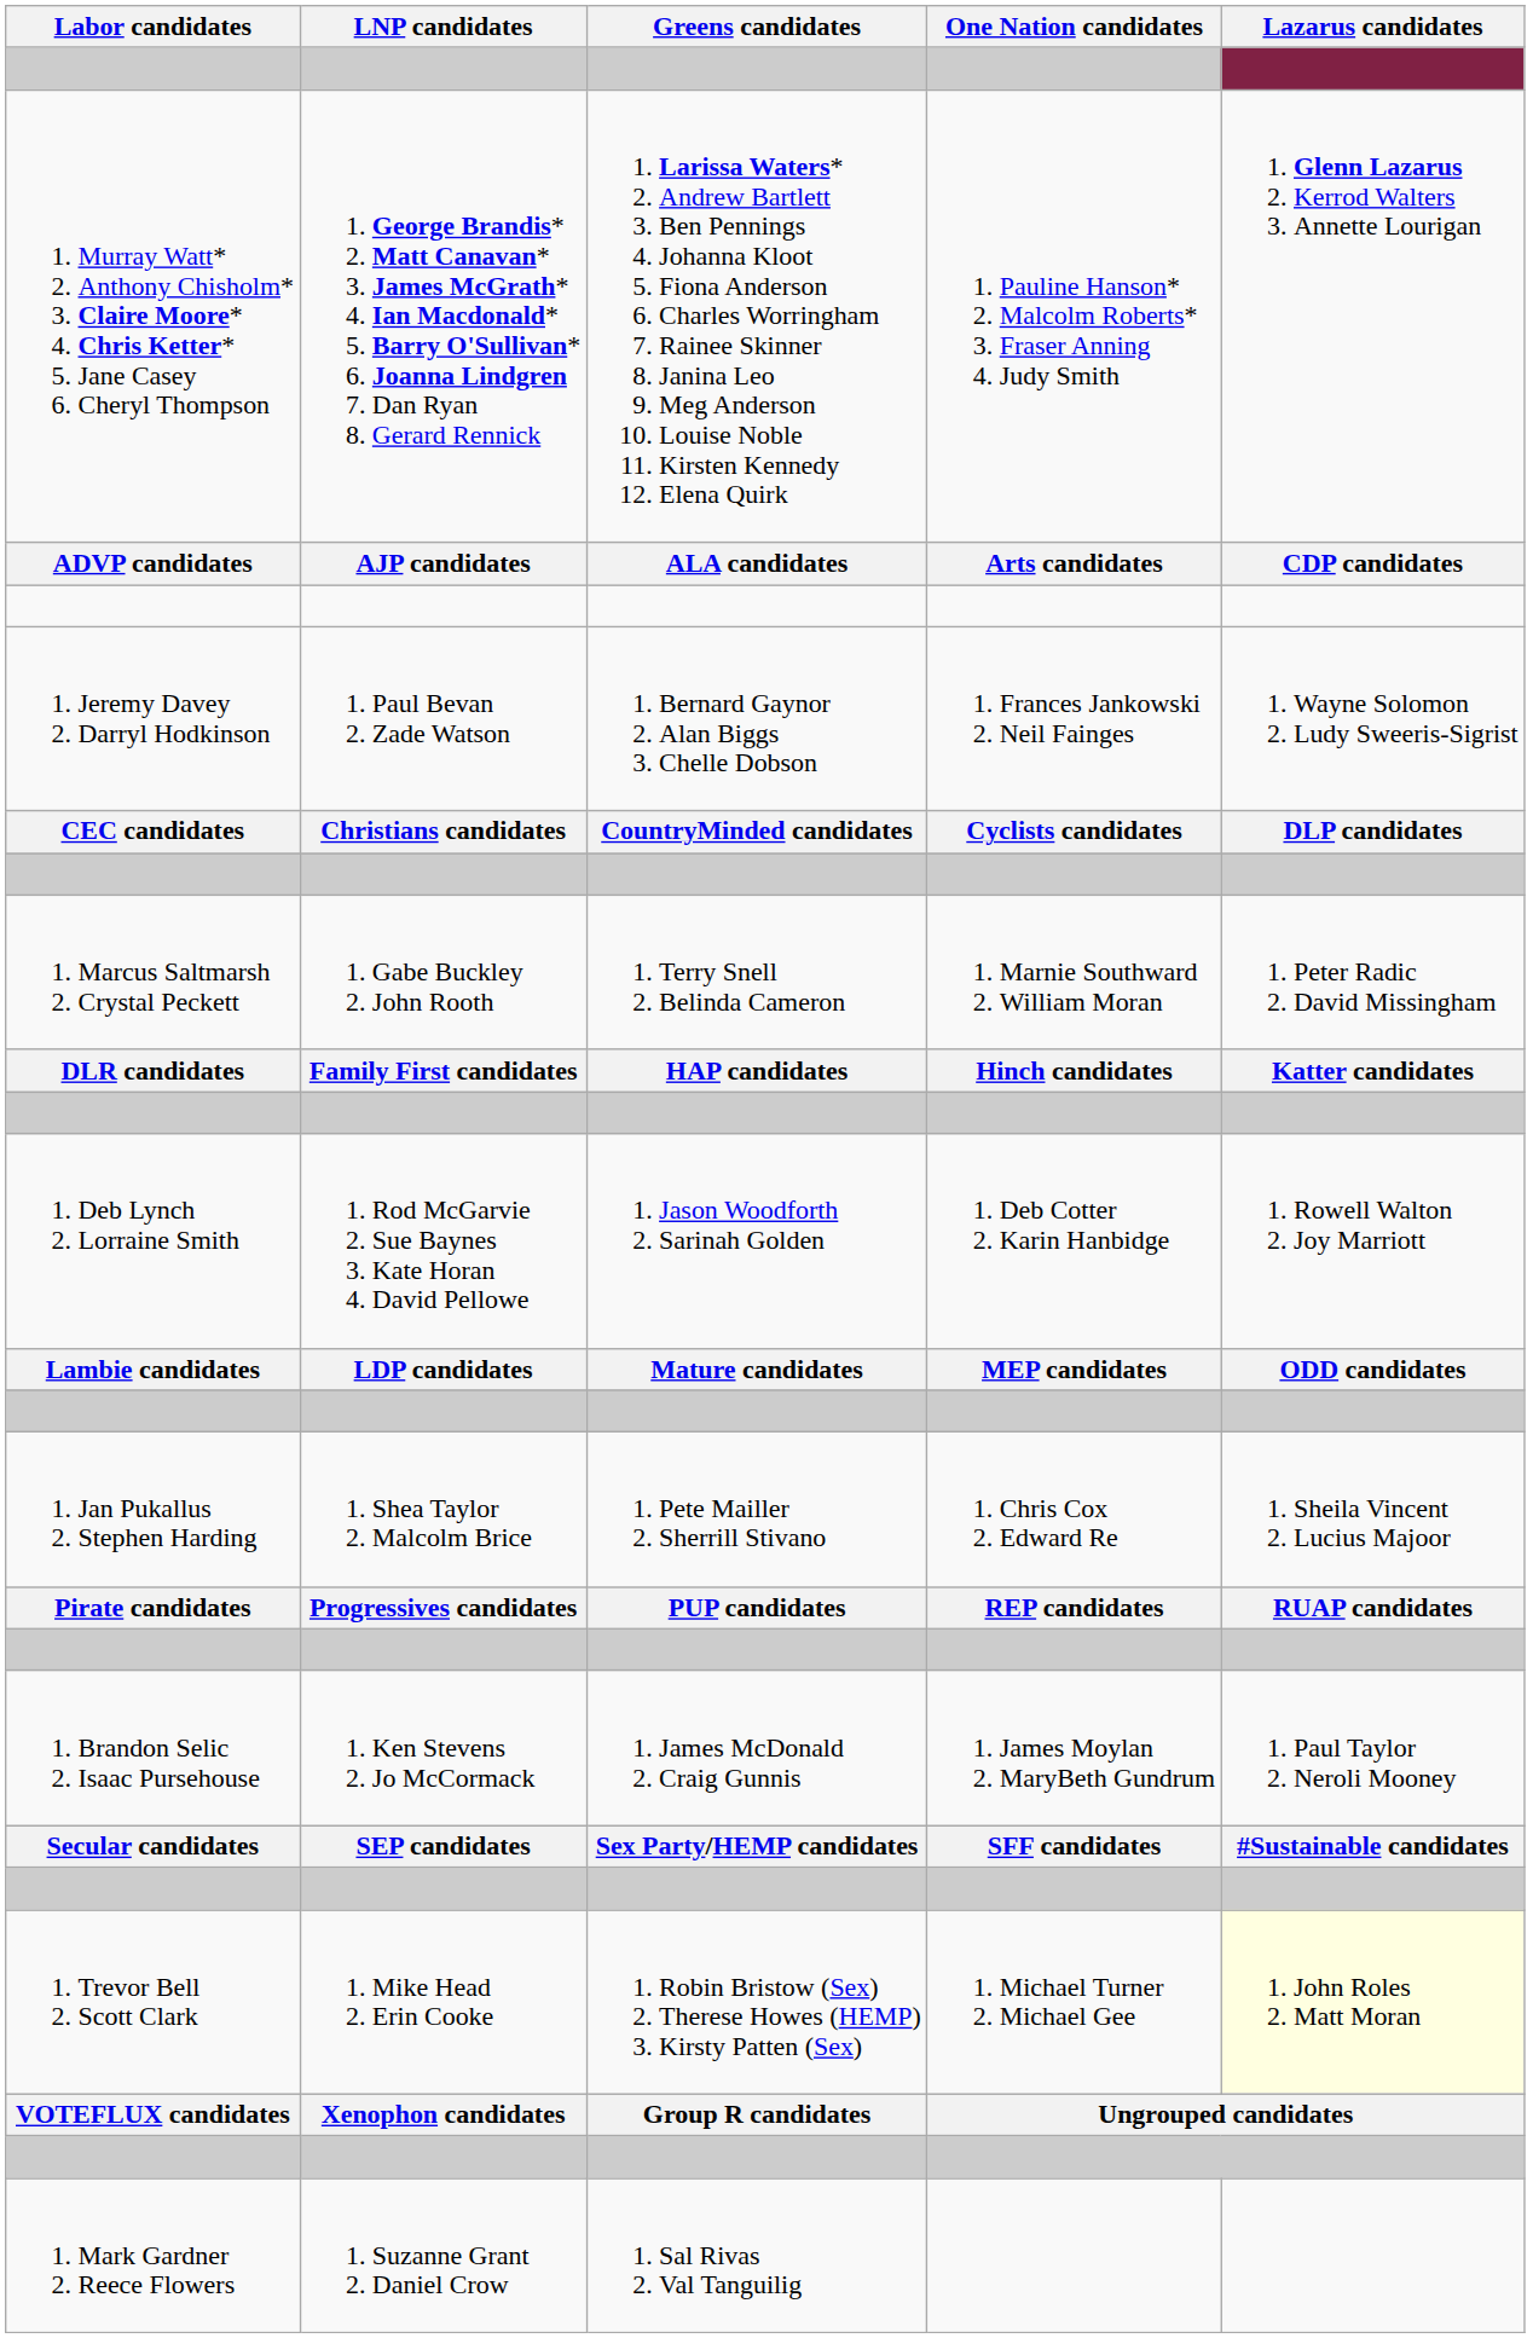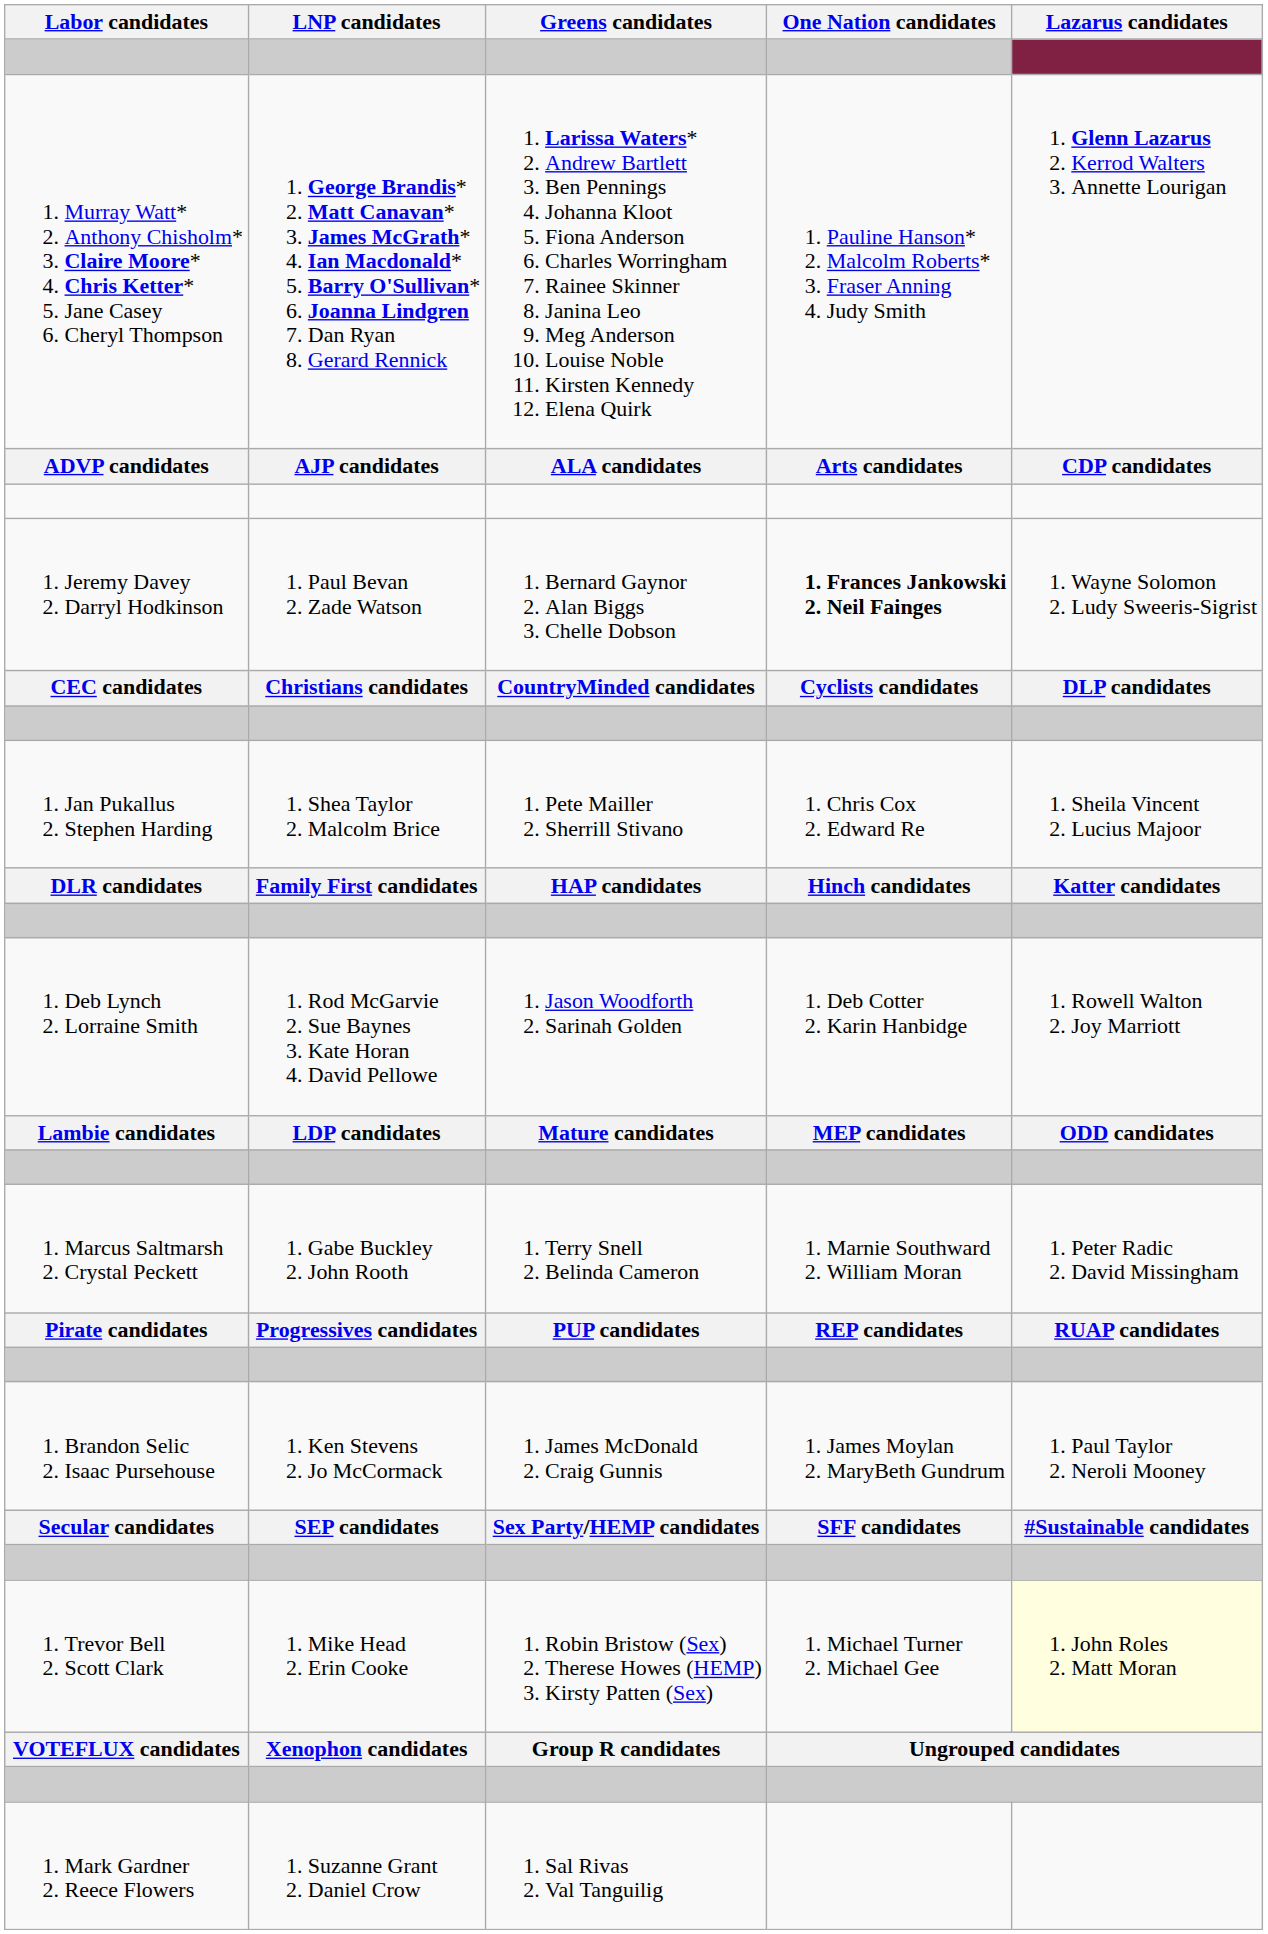 <table class="wikitable">
 <tr>
 <th><a href='#'>Labor</a> candidates</th>
 <th><a href='#'>LNP</a> candidates</th>
 <th><a href='#'>Greens</a> candidates</th>
 <th><a href='#'>One Nation</a> candidates</th>
 <th><a href='#'>Lazarus</a> candidates</th>
 </tr>
 <tr style="background:#ccc;">
 <td> </td>
 <td> </td>
 <td> </td>
 <td> </td>
 <td bgcolor="#802144"> </td>
 </tr>
 <tr>
 <td><br><ol><li><a href='#'>Murray Watt</a>*</li><li><a href='#'>Anthony Chisholm</a>*</li><li><strong><a href='#'>Claire Moore</a></strong>*</li><li><strong><a href='#'>Chris Ketter</a></strong>*</li><li>Jane Casey</li><li>Cheryl Thompson</li></ol></td>
 <td><br><ol><li><strong><a href='#'>George Brandis</a></strong>*</li><li><strong><a href='#'>Matt Canavan</a></strong>*</li><li><strong><a href='#'>James McGrath</a></strong>*</li><li><strong><a href='#'>Ian Macdonald</a></strong>*</li><li><strong><a href='#'>Barry O'Sullivan</a></strong>*</li><li><strong><a href='#'>Joanna Lindgren</a></strong></li><li>Dan Ryan</li><li><a href='#'>Gerard Rennick</a></li></ol></td>
 <td><br><ol><li><strong><a href='#'>Larissa Waters</a></strong>*</li><li><a href='#'>Andrew Bartlett</a></li><li>Ben Pennings</li><li>Johanna Kloot</li><li>Fiona Anderson</li><li>Charles Worringham</li><li>Rainee Skinner</li><li>Janina Leo</li><li>Meg Anderson</li><li>Louise Noble</li><li>Kirsten Kennedy</li><li>Elena Quirk</li></ol></td>
 <td><br><ol><li><a href='#'>Pauline Hanson</a>*</li><li><a href='#'>Malcolm Roberts</a>*</li><li><a href='#'>Fraser Anning</a></li><li>Judy Smith</li></ol></td>
 <td valign=top><br><ol><li><strong><a href='#'>Glenn Lazarus</a></strong></li><li><a href='#'>Kerrod Walters</a></li><li>Annette Lourigan</li></ol></td>
 </tr>
 <tr style="background:#ccc;">
 <th><a href='#'>ADVP</a> candidates</th>
 <th><a href='#'>AJP</a> candidates</th>
 <th><a href='#'>ALA</a> candidates</th>
 <th><a href='#'>Arts</a> candidates</th>
 <th><a href='#'>CDP</a> candidates</th>
 </tr>
 <tr>
 <td> </td>
 <td> </td>
 <td> </td>
 <td> </td>
 <td> </td>
 </tr>
 <tr>
 <td valign=top><br><ol><li>Jeremy Davey</li><li>Darryl Hodkinson</li></ol></td>
 <td valign=top><br><ol><li>Paul Bevan</li><li>Zade Watson</li></ol></td>
 <td valign=top><br><ol><li>Bernard Gaynor</li><li>Alan Biggs</li><li>Chelle Dobson</li></ol></td>
-<td valign=top><br><ol><li>Frances Jankowski</li><li>Neil Fainges</li></ol></td>
+<td valign=top><strong><br><ol><li>Frances Jankowski</li><li>Neil Fainges</li></ol></strong></td>
 <td valign=top><br><ol><li>Wayne Solomon</li><li>Ludy Sweeris-Sigrist</li></ol></td>
 </tr>
 <tr style="background:#ccc;">
 <th><a href='#'>CEC</a> candidates</th>
 <th><a href='#'>Christians</a> candidates</th>
 <th><a href='#'>CountryMinded</a> candidates</th>
 <th><a href='#'>Cyclists</a> candidates</th>
 <th><a href='#'>DLP</a> candidates</th>
 </tr>
 <tr style="background:#ccc;">
 <td> </td>
 <td> </td>
 <td> </td>
 <td> </td>
 <td> </td>
 </tr>
 <tr>
-<td valign=top><br><ol><li>Marcus Saltmarsh</li><li>Crystal Peckett</li></ol></td>
-<td valign=top><br><ol><li>Gabe Buckley</li><li>John Rooth</li></ol></td>
-<td valign=top><br><ol><li>Terry Snell</li><li>Belinda Cameron</li></ol></td>
-<td valign=top><br><ol><li>Marnie Southward</li><li>William Moran</li></ol></td>
-<td valign=top><br><ol><li>Peter Radic</li><li>David Missingham</li></ol></td>
+<td valign=top><br><ol><li>Jan Pukallus</li><li>Stephen Harding</li></ol></td>
+<td valign=top><br><ol><li>Shea Taylor</li><li>Malcolm Brice</li></ol></td>
+<td valign=top><br><ol><li>Pete Mailler</li><li>Sherrill Stivano</li></ol></td>
+<td valign=top><br><ol><li>Chris Cox</li><li>Edward Re</li></ol></td>
+<td valign=top><br><ol><li>Sheila Vincent</li><li>Lucius Majoor</li></ol></td>
 </tr>
 <tr style="background:#ccc;">
 <th><a href='#'>DLR</a> candidates</th>
 <th><a href='#'>Family First</a> candidates</th>
 <th><a href='#'>HAP</a> candidates</th>
 <th><a href='#'>Hinch</a> candidates</th>
 <th><a href='#'>Katter</a> candidates</th>
 </tr>
 <tr style="background:#ccc;">
 <td> </td>
 <td> </td>
 <td> </td>
 <td> </td>
 <td> </td>
 </tr>
 <tr>
 <td valign=top><br><ol><li>Deb Lynch</li><li>Lorraine Smith</li></ol></td>
 <td valign=top><br><ol><li>Rod McGarvie</li><li>Sue Baynes</li><li>Kate Horan</li><li>David Pellowe</li></ol></td>
 <td valign=top><br><ol><li><a href='#'>Jason Woodforth</a></li><li>Sarinah Golden</li></ol></td>
 <td valign=top><br><ol><li>Deb Cotter</li><li>Karin Hanbidge</li></ol></td>
 <td valign=top><br><ol><li>Rowell Walton</li><li>Joy Marriott</li></ol></td>
 </tr>
 <tr style="background:#ccc;">
 <th><a href='#'>Lambie</a> candidates</th>
 <th><a href='#'>LDP</a> candidates</th>
 <th><a href='#'>Mature</a> candidates</th>
 <th><a href='#'>MEP</a> candidates</th>
 <th><a href='#'>ODD</a> candidates</th>
 </tr>
 <tr style="background:#ccc;">
 <td> </td>
 <td> </td>
 <td> </td>
 <td> </td>
 <td> </td>
 </tr>
 <tr>
-<td valign=top><br><ol><li>Jan Pukallus</li><li>Stephen Harding</li></ol></td>
-<td valign=top><br><ol><li>Shea Taylor</li><li>Malcolm Brice</li></ol></td>
-<td valign=top><br><ol><li>Pete Mailler</li><li>Sherrill Stivano</li></ol></td>
-<td valign=top><br><ol><li>Chris Cox</li><li>Edward Re</li></ol></td>
-<td valign=top><br><ol><li>Sheila Vincent</li><li>Lucius Majoor</li></ol></td>
+<td valign=top><br><ol><li>Marcus Saltmarsh</li><li>Crystal Peckett</li></ol></td>
+<td valign=top><br><ol><li>Gabe Buckley</li><li>John Rooth</li></ol></td>
+<td valign=top><br><ol><li>Terry Snell</li><li>Belinda Cameron</li></ol></td>
+<td valign=top><br><ol><li>Marnie Southward</li><li>William Moran</li></ol></td>
+<td valign=top><br><ol><li>Peter Radic</li><li>David Missingham</li></ol></td>
 </tr>
 <tr style="background:#ccc;">
 <th><a href='#'>Pirate</a> candidates</th>
 <th><a href='#'>Progressives</a> candidates</th>
 <th><a href='#'>PUP</a> candidates</th>
 <th><a href='#'>REP</a> candidates</th>
 <th><a href='#'>RUAP</a> candidates</th>
 </tr>
 <tr style="background:#ccc;">
 <td> </td>
 <td> </td>
 <td> </td>
 <td> </td>
 <td> </td>
 </tr>
 <tr>
 <td valign=top><br><ol><li>Brandon Selic</li><li>Isaac Pursehouse</li></ol></td>
 <td valign=top><br><ol><li>Ken Stevens</li><li>Jo McCormack</li></ol></td>
 <td valign=top><br><ol><li>James McDonald</li><li>Craig Gunnis</li></ol></td>
 <td valign=top><br><ol><li>James Moylan</li><li>MaryBeth Gundrum</li></ol></td>
 <td valign=top><br><ol><li>Paul Taylor</li><li>Neroli Mooney</li></ol></td>
 </tr>
 <tr style="background:#ccc;">
 <th><a href='#'>Secular</a> candidates</th>
 <th><a href='#'>SEP</a> candidates</th>
 <th><a href='#'>Sex Party</a>/<a href='#'>HEMP</a> candidates</th>
 <th><a href='#'>SFF</a> candidates</th>
 <th><a href='#'>#Sustainable</a> candidates</th>
 </tr>
 <tr style="background:#ccc;">
 <td> </td>
 <td> </td>
 <td> </td>
 <td> </td>
 <td> </td>
 </tr>
 <tr>
 <td valign=top><br><ol><li>Trevor Bell</li><li>Scott Clark</li></ol></td>
 <td valign=top><br><ol><li>Mike Head</li><li>Erin Cooke</li></ol></td>
 <td valign=top><br><ol><li>Robin Bristow (<a href='#'>Sex</a>)</li><li>Therese Howes (<a href='#'>HEMP</a>)</li><li>Kirsty Patten (<a href='#'>Sex</a>)</li></ol></td>
 <td valign=top><br><ol><li>Michael Turner</li><li>Michael Gee</li></ol></td>
 <td valign=top style="background: lightyellow;"><br><ol><li>John Roles</li><li>Matt Moran</li></ol></td>
 </tr>
 <tr style="background:#ccc;">
 <th><a href='#'>VOTEFLUX</a> candidates</th>
 <th><a href='#'>Xenophon</a> candidates</th>
 <th>Group R candidates</th>
 <th colspan=2>Ungrouped candidates</th>
 </tr>
 <tr style="background:#ccc;">
 <td> </td>
 <td> </td>
 <td> </td>
 <td colspan=2> </td>
 </tr>
 <tr>
 <td valign=top><br><ol><li>Mark Gardner</li><li>Reece Flowers</li></ol></td>
 <td valign=top><br><ol><li>Suzanne Grant</li><li>Daniel Crow</li></ol></td>
 <td valign=top><br><ol><li>Sal Rivas</li><li>Val Tanguilig</li></ol></td>
 <td valign=top><br></td>
 <td valign=top><br></td>
 </tr>
 </table>
